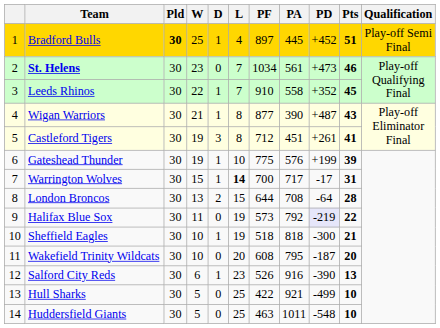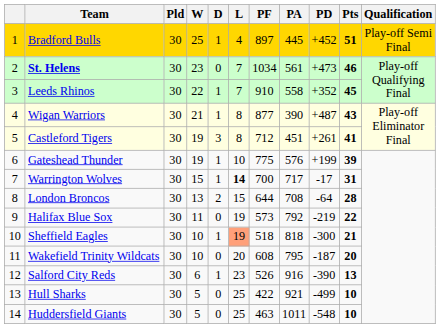 <table class="wikitable" style="text-align:center;">
 <tr>
 <th style="width:20px;" abbr="Position"></th>
 <th width=175>Team</th>
 <th style="width:20px;" abbr="Played">Pld</th>
 <th style="width:20px;" abbr="Won">W</th>
 <th style="width:20px;" abbr="Drawn">D</th>
 <th style="width:20px;" abbr="Lost">L</th>
 <th style="width:20px;" abbr="Points for">PF</th>
 <th style="width:20px;" abbr="Points against">PA</th>
 <th style="width:20px;" abbr="Points difference">PD</th>
 <th style="width:20px;" abbr="Points">Pts</th>
 <th style="width:20px;" abbr="Qualification">Qualification</th>
 </tr>
 <tr style="background:gold">
 <td>1</td>
 <td style="text-align:left;"> <a href='#'>Bradford Bulls</a></td>
-<td><strong>30</strong></td>
+<td>30</td>
 <td>25</td>
 <td>1</td>
 <td>4</td>
 <td>897</td>
 <td>445</td>
 <td>+452</td>
 <td><strong>51</strong></td>
 <td>Play-off Semi Final</td>
 </tr>
 <tr style="background:#cfc;">
 <td>2</td>
 <td style="text-align:left;"> <strong><a href='#'>St. Helens</a></strong></td>
 <td>30</td>
 <td>23</td>
 <td>0</td>
 <td>7</td>
 <td>1034</td>
 <td>561</td>
 <td>+473</td>
 <td><strong>46</strong></td>
 <td rowspan=2>Play-off Qualifying Final</td>
 </tr>
 <tr style="background:#cfc;">
 <td>3</td>
 <td style="text-align:left;"> <a href='#'>Leeds Rhinos</a></td>
 <td>30</td>
 <td>22</td>
 <td>1</td>
 <td>7</td>
 <td>910</td>
 <td>558</td>
 <td>+352</td>
 <td><strong>45</strong></td>
 </tr>
 <tr style="background:lightyellow">
 <td>4</td>
 <td style="text-align:left;"> <a href='#'>Wigan Warriors</a></td>
 <td>30</td>
 <td>21</td>
 <td>1</td>
 <td>8</td>
 <td>877</td>
 <td>390</td>
 <td>+487</td>
 <td><strong>43</strong></td>
 <td rowspan=2>Play-off Eliminator Final</td>
 </tr>
 <tr style="background:lightyellow">
 <td>5</td>
 <td style="text-align:left;"> <a href='#'>Castleford Tigers</a></td>
 <td>30</td>
 <td>19</td>
 <td>3</td>
 <td>8</td>
 <td>712</td>
 <td>451</td>
 <td>+261</td>
 <td><strong>41</strong></td>
 </tr>
 <tr>
 <td>6</td>
 <td style="text-align:left;"> <a href='#'>Gateshead Thunder</a></td>
 <td>30</td>
 <td>19</td>
 <td>1</td>
 <td>10</td>
 <td>775</td>
 <td>576</td>
 <td>+199</td>
 <td><strong>39</strong></td>
 <td rowspan=10></td>
 </tr>
 <tr>
 <td>7</td>
 <td style="text-align:left;"> <a href='#'>Warrington Wolves</a></td>
 <td>30</td>
 <td>15</td>
 <td>1</td>
 <td><strong>14</strong></td>
 <td>700</td>
 <td>717</td>
 <td>-17</td>
 <td><strong>31</strong></td>
 </tr>
 <tr>
 <td>8</td>
 <td style="text-align:left;"> <a href='#'>London Broncos</a></td>
 <td>30</td>
 <td>13</td>
 <td>2</td>
 <td>15</td>
 <td>644</td>
 <td>708</td>
 <td>-64</td>
 <td><strong>28</strong></td>
 </tr>
 <tr>
 <td>9</td>
 <td style="text-align:left;"> <a href='#'>Halifax Blue Sox</a></td>
 <td>30</td>
 <td>11</td>
 <td>0</td>
 <td>19</td>
 <td>573</td>
 <td>792</td>
-<td style="background: lavender;">-219</td>
+<td>-219</td>
 <td><strong>22</strong></td>
 </tr>
 <tr>
 <td>10</td>
 <td style="text-align:left;"> <a href='#'>Sheffield Eagles</a></td>
 <td>30</td>
 <td>10</td>
 <td>1</td>
-<td>19</td>
+<td style="background: lightsalmon;">19</td>
 <td>518</td>
 <td>818</td>
 <td>-300</td>
 <td><strong>21</strong></td>
 </tr>
 <tr>
 <td>11</td>
 <td style="text-align:left;"> <a href='#'>Wakefield Trinity Wildcats</a></td>
 <td>30</td>
 <td>10</td>
 <td>0</td>
 <td>20</td>
 <td>608</td>
 <td>795</td>
 <td>-187</td>
 <td><strong>20</strong></td>
 </tr>
 <tr>
 <td>12</td>
 <td style="text-align:left;"> <a href='#'>Salford City Reds</a></td>
 <td>30</td>
 <td>6</td>
 <td>1</td>
 <td>23</td>
 <td>526</td>
 <td>916</td>
 <td>-390</td>
 <td><strong>13</strong></td>
 </tr>
 <tr>
 <td>13</td>
 <td style="text-align:left;"> <a href='#'>Hull Sharks</a></td>
 <td>30</td>
 <td>5</td>
 <td>0</td>
 <td>25</td>
 <td>422</td>
 <td>921</td>
 <td>-499</td>
 <td><strong>10</strong></td>
 </tr>
 <tr>
 <td>14</td>
 <td style="text-align:left;"> <a href='#'>Huddersfield Giants</a></td>
 <td>30</td>
 <td>5</td>
 <td>0</td>
 <td>25</td>
 <td>463</td>
 <td>1011</td>
 <td>-548</td>
 <td><strong>10</strong></td>
 </tr>
 </table>
